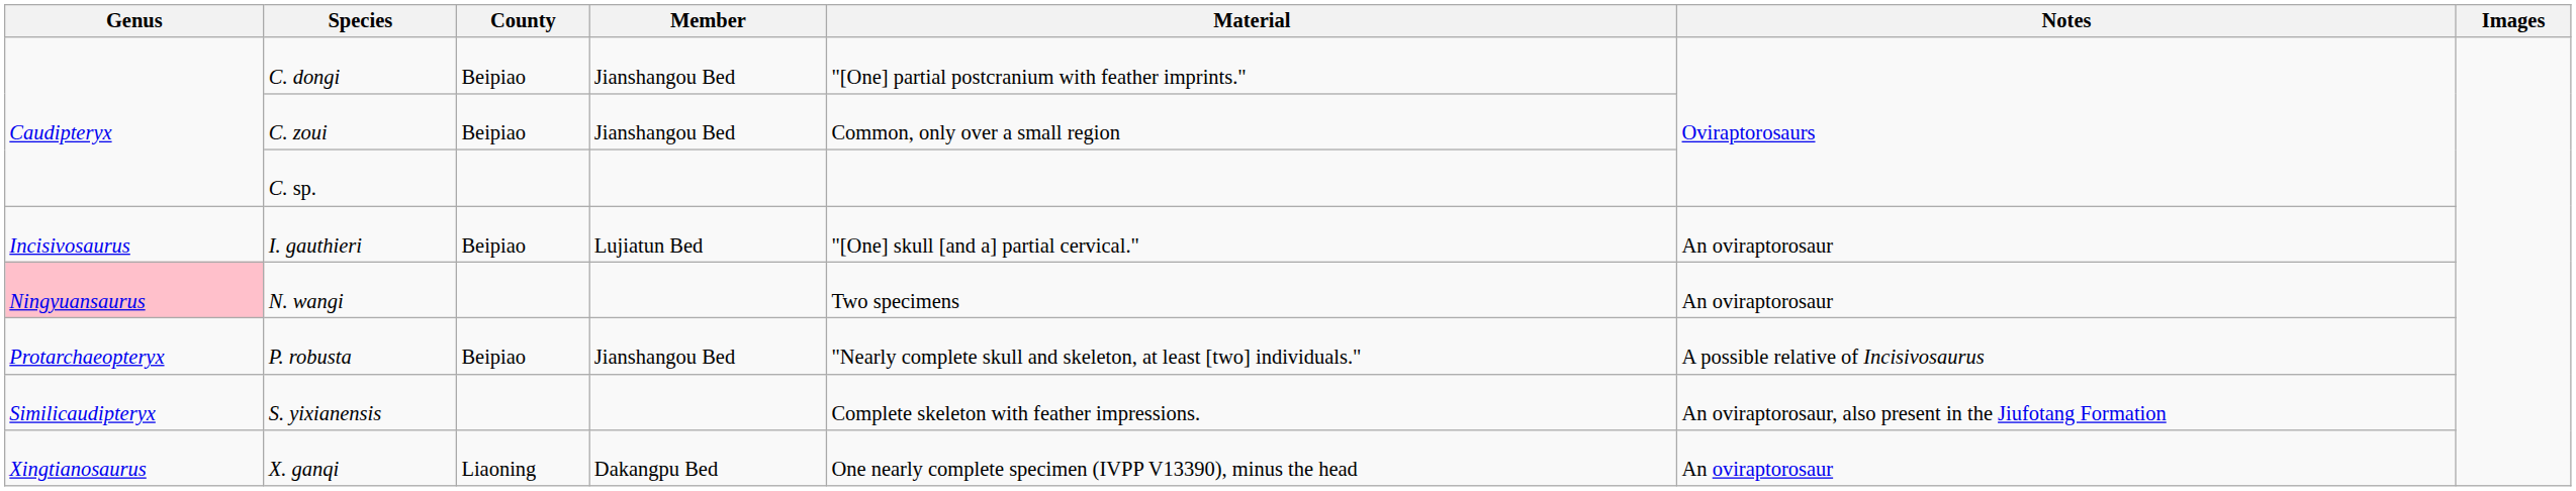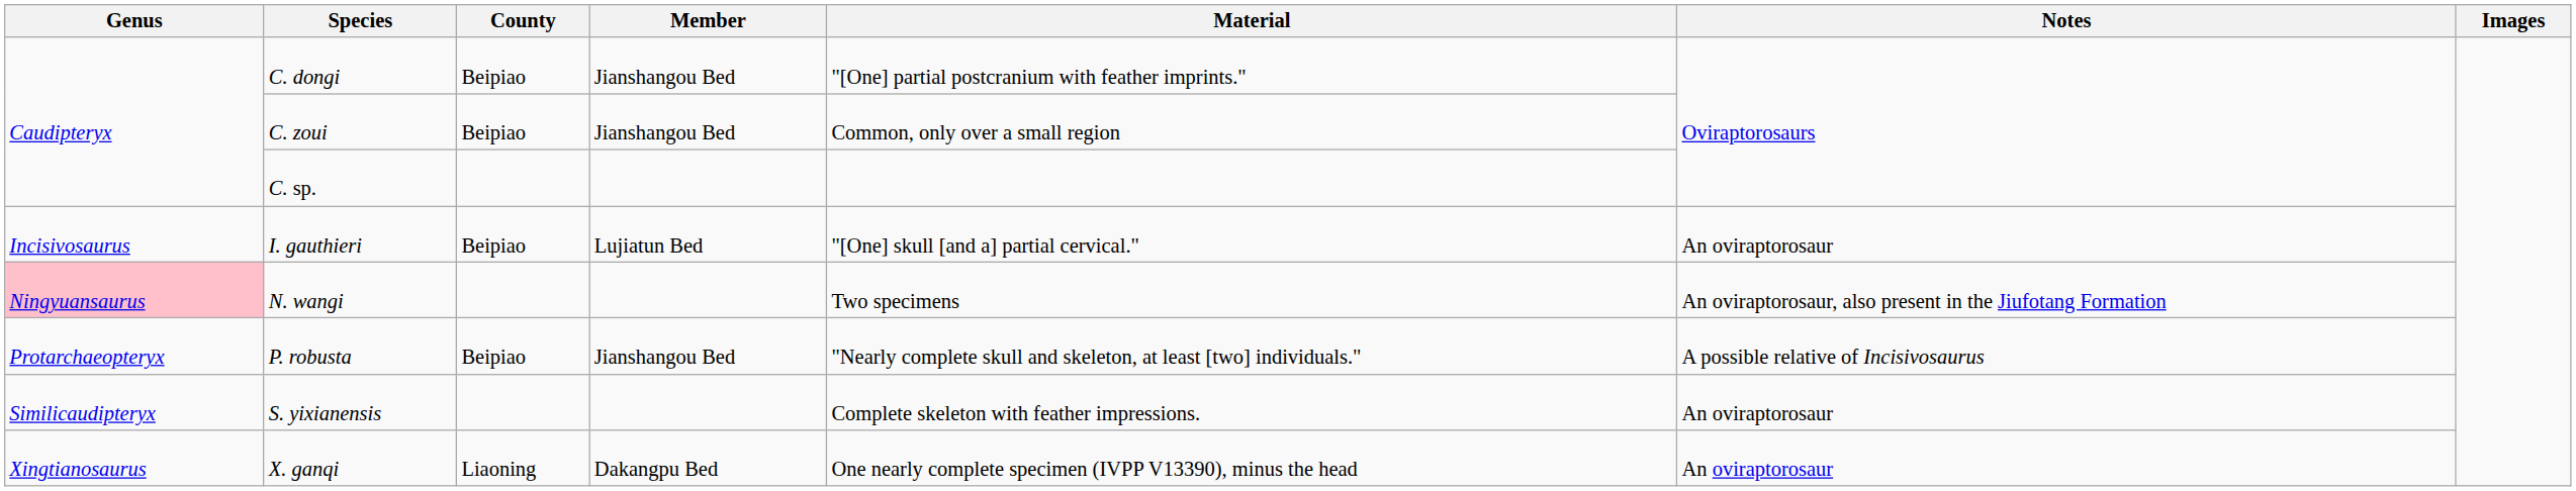 <table class="wikitable" align="center" width="100%">
 <tr>
 <th>Genus</th>
 <th>Species</th>
 <th>County</th>
 <th>Member</th>
 <th>Material</th>
 <th>Notes</th>
 <th>Images</th>
 </tr>
 <tr>
 <td rowspan="3"><br><em><a href='#'>Caudipteryx</a></em></td>
 <td><br><em>C. dongi</em></td>
 <td><br>Beipiao</td>
 <td><br>Jianshangou Bed</td>
 <td><br>"[One] partial postcranium with feather imprints."</td>
 <td rowspan="3"><br><a href='#'>Oviraptorosaurs</a></td>
 <td rowspan = "99"><br> </td>
 </tr>
 <tr>
 <td><br><em>C. zoui</em></td>
 <td><br>Beipiao</td>
 <td><br>Jianshangou Bed</td>
 <td><br>Common, only over a small region</td>
 </tr>
 <tr>
 <td><br><em>C.</em> sp.</td>
 <td></td>
 <td></td>
 <td></td>
 </tr>
 <tr>
 <td><br><em><a href='#'>Incisivosaurus</a></em></td>
 <td><br><em>I. gauthieri</em></td>
 <td><br>Beipiao</td>
 <td><br>Lujiatun Bed</td>
 <td><br>"[One] skull [and a] partial cervical."</td>
 <td><br>An oviraptorosaur</td>
 </tr>
 <tr>
 <td style="background: pink;"><br><em><a href='#'>Ningyuansaurus</a></em></td>
 <td><br><em>N. wangi</em></td>
 <td></td>
 <td></td>
 <td><br>Two specimens</td>
-<td><br>An oviraptorosaur</td>
+<td><br>An oviraptorosaur, also present in the <a href='#'>Jiufotang Formation</a></td>
 </tr>
 <tr>
 <td><br><em><a href='#'>Protarchaeopteryx</a></em></td>
 <td><br><em>P. robusta</em></td>
 <td><br>Beipiao</td>
 <td><br>Jianshangou Bed</td>
 <td><br>"Nearly complete skull and skeleton, at least [two] individuals."</td>
 <td><br>A possible relative of <em>Incisivosaurus</em></td>
 </tr>
 <tr>
 <td><br><em><a href='#'>Similicaudipteryx</a></em></td>
 <td><br><em>S. yixianensis</em></td>
 <td></td>
 <td></td>
 <td><br>Complete skeleton with feather impressions.</td>
-<td><br>An oviraptorosaur, also present in the <a href='#'>Jiufotang Formation</a></td>
+<td><br>An oviraptorosaur</td>
 </tr>
 <tr>
 <td><br><em><a href='#'>Xingtianosaurus</a></em></td>
 <td><br><em>X. ganqi</em></td>
 <td><br>Liaoning</td>
 <td><br>Dakangpu Bed</td>
 <td><br>One nearly complete specimen (IVPP V13390), minus the head</td>
 <td><br>An <a href='#'>oviraptorosaur</a></td>
 </tr>
 </table>
